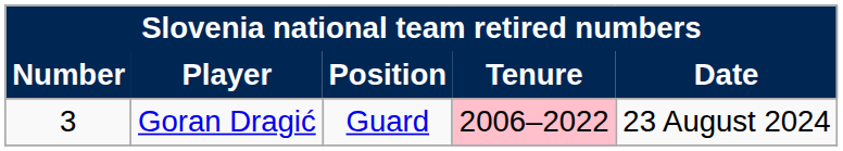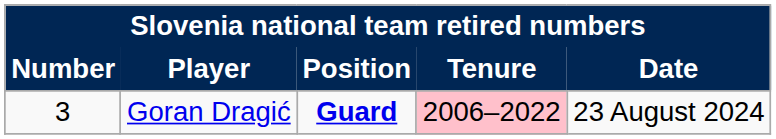 <table class="wikitable sortable" style="text-align:center">
 <tr>
 <td colspan="5" style="background:#002654; color:white; border:1px red;"><strong>Slovenia national team retired numbers</strong></td>
 </tr>
 <tr>
 <th style="background:#002654; color:white; border:1px red;">Number</th>
 <th style="background:#002654; color:white; border:1px red;">Player</th>
 <th style="background:#002654; color:white; border:1px red;">Position</th>
 <th style="background:#002654; color:white; border:1px red;">Tenure</th>
 <th style="background:#002654; color:white; border:1px red;">Date</th>
 </tr>
 <tr>
 <td width="50">3</td>
 <td><a href='#'>Goran Dragić</a></td>
-<td><a href='#'>Guard</a></td>
+<td><strong><a href='#'>Guard</a></strong></td>
 <td style="background: pink;">2006–2022</td>
 <td>23 August 2024</td>
 </tr>
 </table>
